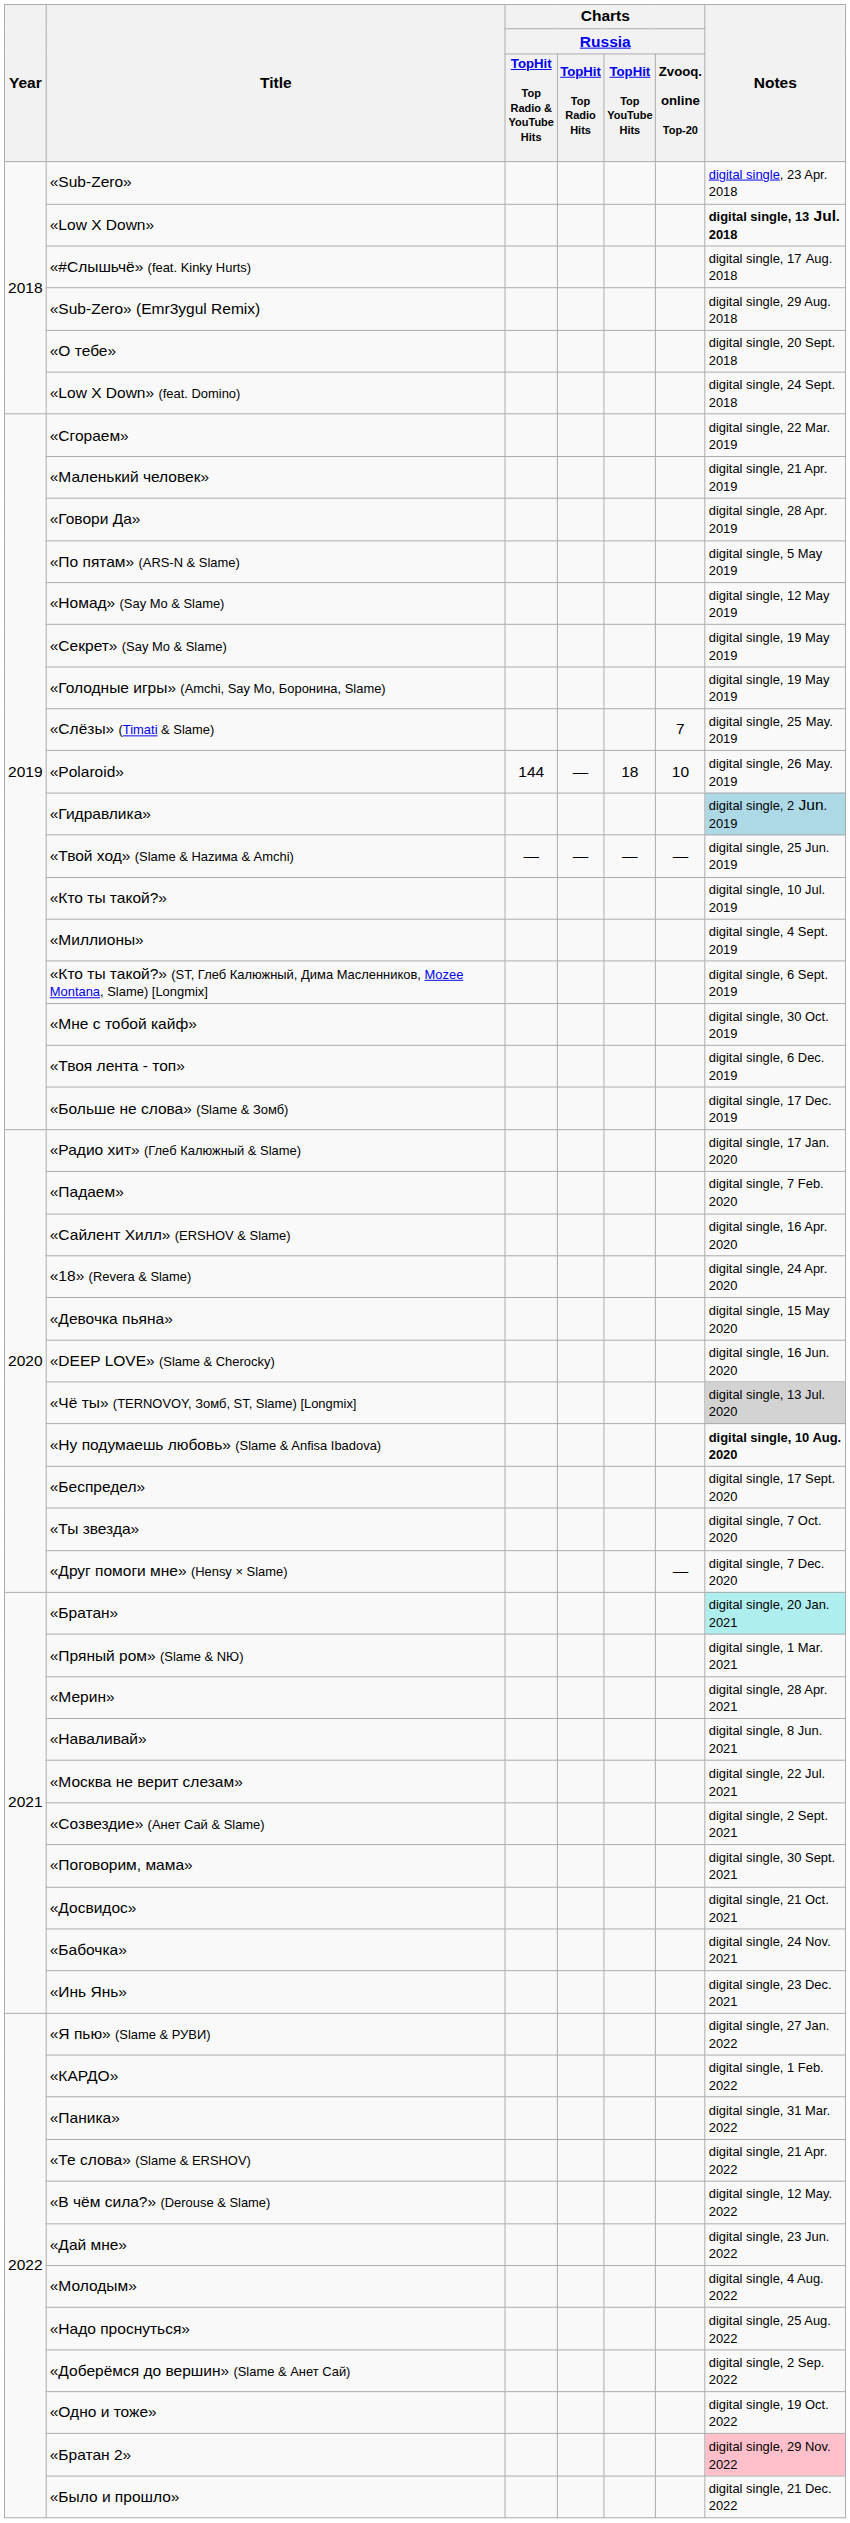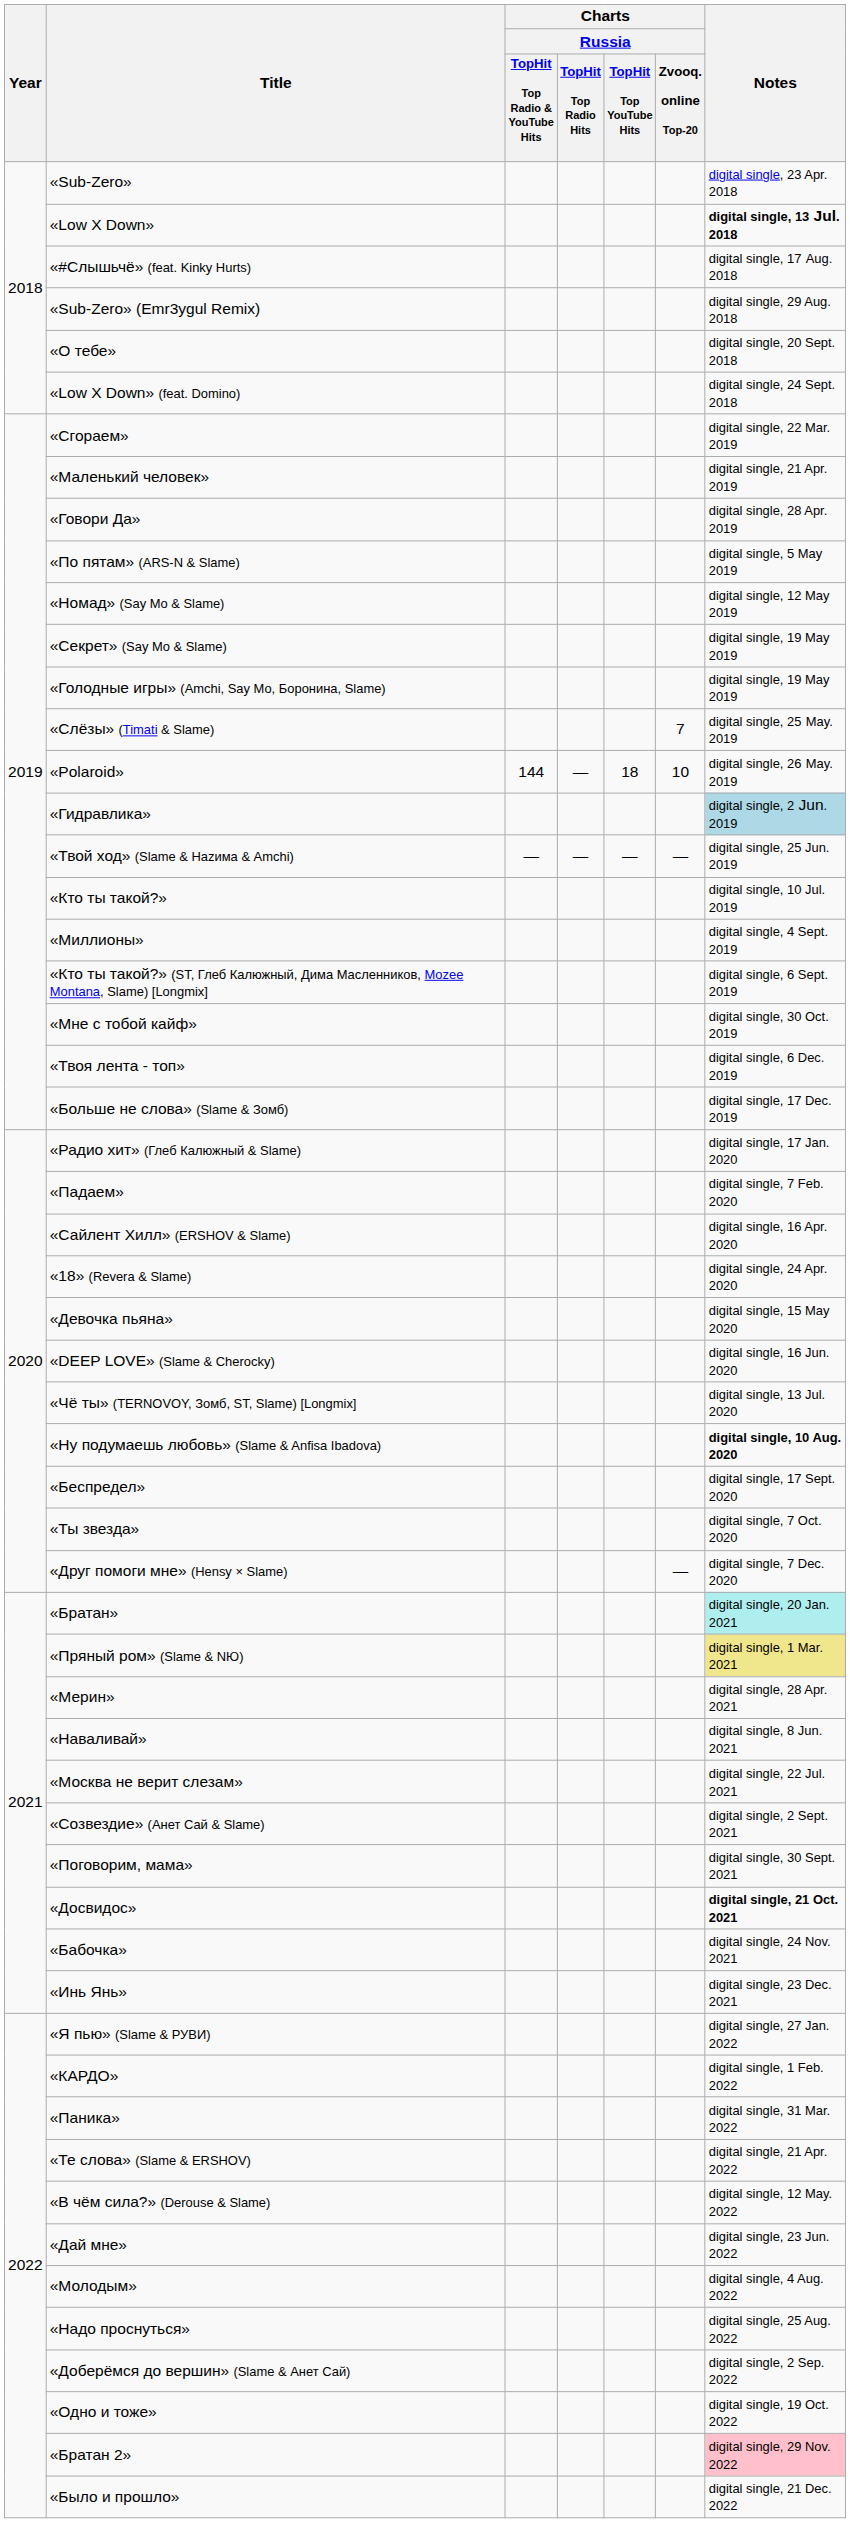 <table class="wikitable">
 <tr>
 <th rowspan="3">Year</th>
 <th rowspan="3">Title</th>
 <th colspan="4">Charts</th>
 <th rowspan="3">Notes</th>
 </tr>
 <tr>
 <th colspan="4"><a href='#'>Russia</a></th>
 </tr>
 <tr>
 <th style="width:3em;font-size:85%;"><a href='#'>TopHit</a><br><br><small>Top Radio & YouTube Hits</small><br><br></th>
 <th style="width:3em;font-size:85%;"><a href='#'>TopHit</a><br><br><small>Top Radio Hits</small><br><br></th>
 <th style="width:3em;font-size:85%;"><a href='#'>TopHit</a><br><br><small>Top YouTube Hits</small><br><br></th>
 <th style="width:3em;font-size:85%;">Zvooq.<br><br>online<br><br><small>Top-20</small><br><br></th>
 </tr>
 <tr>
 <td rowspan="6">2018</td>
 <td>«Sub-Zero»</td>
 <td></td>
 <td></td>
 <td></td>
 <td></td>
 <td><small><a href='#'>digital single</a>, 23 Apr. 2018</small></td>
 </tr>
 <tr>
 <td>«Low X Down»</td>
 <td></td>
 <td></td>
 <td></td>
 <td></td>
 <td><strong><small>digital single, 13</small> Jul<small>. </small><small>201</small><small>8</small></strong></td>
 </tr>
 <tr>
 <td>«#Слышьчё» <small>(feat. Kinky Hurts)</small></td>
 <td></td>
 <td></td>
 <td></td>
 <td></td>
 <td><small>digital single</small><small>, 17</small> <small>Aug</small><small>. </small><small>201</small><small>8</small></td>
 </tr>
 <tr>
 <td>«Sub-Zero» (Emr3ygul Remix)</td>
 <td></td>
 <td></td>
 <td></td>
 <td></td>
 <td><small>digital single</small><small>, 29 Aug</small><small>. </small><small>201</small><small>8</small></td>
 </tr>
 <tr>
 <td>«О тебе»</td>
 <td></td>
 <td></td>
 <td></td>
 <td></td>
 <td><small>digital single</small><small>, 20 Sept</small><small>. </small><small>201</small><small>8</small></td>
 </tr>
 <tr>
 <td>«Low X Down» <small>(feat. Domino)</small></td>
 <td></td>
 <td></td>
 <td></td>
 <td></td>
 <td><small>digital single</small><small>, 24 Sept</small><small>. </small><small>201</small><small>8</small></td>
 </tr>
 <tr>
 <td rowspan="17">2019</td>
 <td>«Сгораем»</td>
 <td></td>
 <td></td>
 <td></td>
 <td></td>
 <td><small>digital single</small><small>, 22 Mar</small><small>. </small><small>201</small><small>9</small></td>
 </tr>
 <tr>
 <td>«Маленький человек»</td>
 <td></td>
 <td></td>
 <td></td>
 <td></td>
 <td><small>digital single</small><small>, 21 Apr</small><small>. </small><small>201</small><small>9</small></td>
 </tr>
 <tr>
 <td>«Говори Да»</td>
 <td></td>
 <td></td>
 <td></td>
 <td></td>
 <td><small>digital single</small><small>, 28 Apr. 2019</small></td>
 </tr>
 <tr>
 <td>«По пятам» <small>(ARS-N & Slame)</small></td>
 <td></td>
 <td></td>
 <td></td>
 <td></td>
 <td><small>digital single</small><small>, 5 May 2019</small></td>
 </tr>
 <tr>
 <td>«Номад» <small>(Say Mo & Slame)</small></td>
 <td></td>
 <td></td>
 <td></td>
 <td></td>
 <td><small>digital single</small><small>, 12 May 2019</small></td>
 </tr>
 <tr>
 <td>«Секрет» <small>(Say Mo & Slame)</small></td>
 <td></td>
 <td></td>
 <td></td>
 <td></td>
 <td><small>digital single</small><small>, 19 May 2019</small></td>
 </tr>
 <tr>
 <td>«Голодные игры» <small>(Amchi, Say Mo, Боронина, Slame)</small></td>
 <td></td>
 <td></td>
 <td></td>
 <td></td>
 <td><small>digital single</small><small>, 19 May 2019</small></td>
 </tr>
 <tr>
 <td>«Слёзы» <small>(<a href='#'>Timati</a> & Slame)</small></td>
 <td align="center"></td>
 <td align="center"></td>
 <td align="center"></td>
 <td align="center">7</td>
 <td><small>digital single</small><small>, 25</small> <small>May</small><small>. </small><small>2019</small></td>
 </tr>
 <tr>
 <td>«Polaroid»</td>
 <td align="center">144</td>
 <td align="center">—</td>
 <td align="center">18</td>
 <td align="center">10</td>
 <td><small>digital single</small><small>, 26</small> <small>May</small><small>. </small><small>2019</small></td>
 </tr>
 <tr>
 <td>«Гидравлика»</td>
 <td></td>
 <td></td>
 <td></td>
 <td></td>
 <td style="background: lightblue;"><small>digital single</small><small>, 2</small> Jun<small>. </small><small>2019</small></td>
 </tr>
 <tr>
 <td>«Твой ход» <small>(Slame & Нazима & Amchi)</small></td>
 <td align="center">—</td>
 <td align="center">—</td>
 <td align="center">—</td>
 <td align="center">—</td>
 <td><small>digital single</small><small>, 25 Jun. 2019</small></td>
 </tr>
 <tr>
 <td>«Кто ты  такой?»</td>
 <td></td>
 <td></td>
 <td></td>
 <td></td>
 <td><small>digital single</small><small>, 10 Jul. 2019</small></td>
 </tr>
 <tr>
 <td>«Миллионы»</td>
 <td></td>
 <td></td>
 <td></td>
 <td></td>
 <td><small>digital single</small><small>, 4 Sept. 2019</small></td>
 </tr>
 <tr>
 <td>«Кто ты  такой?» <small>(ST, Глеб Калюжный, Дима Масленников, <a href='#'>Mozee Montana</a>, Slame) [Longmix]</small></td>
 <td></td>
 <td></td>
 <td></td>
 <td></td>
 <td><small>digital single</small><small>, 6 Sept. 2019</small></td>
 </tr>
 <tr>
 <td>«Мне с тобой кайф»</td>
 <td></td>
 <td></td>
 <td></td>
 <td></td>
 <td><small>digital single</small><small>, 30 Oct. 2019</small></td>
 </tr>
 <tr>
 <td>«Твоя лента - топ»</td>
 <td></td>
 <td></td>
 <td></td>
 <td></td>
 <td><small>digital single</small><small>, 6 Dec. 2019</small></td>
 </tr>
 <tr>
 <td>«Больше не слова» <small>(Slame & Зомб)</small></td>
 <td></td>
 <td></td>
 <td></td>
 <td></td>
 <td><small>digital single</small><small>, 17 Dec. 2019</small></td>
 </tr>
 <tr>
 <td rowspan="11">2020</td>
 <td>«Радио хит» <small>(Глеб Калюжный & Slame)</small></td>
 <td></td>
 <td></td>
 <td></td>
 <td></td>
 <td><small>digital single</small><small>, 17 Jan. 2020</small></td>
 </tr>
 <tr>
 <td>«Падаем»</td>
 <td></td>
 <td></td>
 <td></td>
 <td></td>
 <td><small>digital single</small><small>, 7 Feb. 2020</small></td>
 </tr>
 <tr>
 <td>«Сайлент Хилл» <small>(ERSHOV & Slame)</small></td>
 <td></td>
 <td></td>
 <td></td>
 <td></td>
 <td><small>digital single</small><small>, 16 Apr. 2020</small></td>
 </tr>
 <tr>
 <td>«18» <small>(Revera & Slame)</small></td>
 <td></td>
 <td></td>
 <td></td>
 <td></td>
 <td><small>digital single</small><small>, 24 Apr. 2020</small></td>
 </tr>
 <tr>
 <td>«Девочка пьяна»</td>
 <td></td>
 <td></td>
 <td></td>
 <td></td>
 <td><small>digital single</small><small>, 15 May 2020</small></td>
 </tr>
 <tr>
 <td>«DEEP LOVE» <small>(Slame & Cherocky)</small></td>
 <td></td>
 <td></td>
 <td></td>
 <td></td>
 <td><small>digital single</small><small>, 16 Jun. 2020</small></td>
 </tr>
 <tr>
 <td>«Чё ты» <small>(TERNOVOY, Зомб, ST, Slame) [Longmix]</small></td>
 <td></td>
 <td></td>
 <td></td>
 <td></td>
-<td style="background: lightgrey;"><small>digital single</small><small>, 13 Jul. 2020</small></td>
+<td><small>digital single</small><small>, 13 Jul. 2020</small></td>
 </tr>
 <tr>
 <td>«Ну подумаешь любовь» <small>(Slame & Anfisa Ibadova)</small></td>
 <td></td>
 <td></td>
 <td></td>
 <td></td>
 <td><strong><small>digital single</small><small>, 10 Aug. 2020</small></strong></td>
 </tr>
 <tr>
 <td>«Беспредел»</td>
 <td></td>
 <td></td>
 <td></td>
 <td></td>
 <td><small>digital single</small><small>, 17 Sept. 2020</small></td>
 </tr>
 <tr>
 <td>«Ты звезда»</td>
 <td></td>
 <td></td>
 <td></td>
 <td></td>
 <td><small>digital single</small><small>, 7 Oct. 2020</small></td>
 </tr>
 <tr>
 <td>«‎Друг помоги мне» <small>(Hensy × Slame)</small></td>
 <td align="center"></td>
 <td align="center"></td>
 <td align="center"></td>
 <td align="center">—</td>
 <td><small>digital single</small><small>, 7 Dec. 2020</small></td>
 </tr>
 <tr>
 <td rowspan="10">2021</td>
 <td>«Братан»</td>
 <td></td>
 <td></td>
 <td></td>
 <td></td>
 <td style="background: paleturquoise;"><small>digital single</small><small>, 20 Jan. 2021</small></td>
 </tr>
 <tr>
 <td>«Пряный ром» <small>(Slame & NЮ)</small></td>
 <td></td>
 <td></td>
 <td></td>
 <td></td>
-<td><small>digital single</small><small>, 1 Mar. 2021</small></td>
+<td style="background: khaki;"><small>digital single</small><small>, 1 Mar. 2021</small></td>
 </tr>
 <tr>
 <td>«Мерин»</td>
 <td></td>
 <td></td>
 <td></td>
 <td></td>
 <td><small>digital single</small><small>, 28 Apr. 2021</small></td>
 </tr>
 <tr>
 <td>«Наваливай»</td>
 <td></td>
 <td></td>
 <td></td>
 <td></td>
 <td><small>digital single</small><small>, 8 Jun. 2021</small></td>
 </tr>
 <tr>
 <td>«Москва не верит слезам»</td>
 <td></td>
 <td></td>
 <td></td>
 <td></td>
 <td><small>digital single</small><small>, 22 Jul. 2021</small></td>
 </tr>
 <tr>
 <td>«Созвездие» <small>(Анет Сай & Slame)</small></td>
 <td></td>
 <td></td>
 <td></td>
 <td></td>
 <td><small>digital single</small><small>, 2 Sept. 2021</small></td>
 </tr>
 <tr>
 <td>«Поговорим, мама»</td>
 <td></td>
 <td></td>
 <td></td>
 <td></td>
 <td><small>digital single</small><small>, 30 Sept. 2021</small></td>
 </tr>
 <tr>
 <td>«Досвидос»</td>
 <td></td>
 <td></td>
 <td></td>
 <td></td>
-<td><small>digital single</small><small>, 21 Oct. 2021</small></td>
+<td><strong><small>digital single</small><small>, 21 Oct. 2021</small></strong></td>
 </tr>
 <tr>
 <td>«Бабочка»</td>
 <td></td>
 <td></td>
 <td></td>
 <td></td>
 <td><small>digital single</small><small>, 24 Nov. 2021</small></td>
 </tr>
 <tr>
 <td>«Инь Янь»</td>
 <td></td>
 <td></td>
 <td></td>
 <td></td>
 <td><small>digital single</small><small>, 23 Dec. 2021</small></td>
 </tr>
 <tr>
 <td rowspan="12">2022</td>
 <td>«Я пью» <small>(Slame & РУВИ)</small></td>
 <td></td>
 <td></td>
 <td></td>
 <td></td>
 <td><small>digital single</small><small>, 27 Jan. 2022</small></td>
 </tr>
 <tr>
 <td>«КАРДО»</td>
 <td></td>
 <td></td>
 <td></td>
 <td></td>
 <td><small>digital single</small><small>, 1 Feb. 2022</small></td>
 </tr>
 <tr>
 <td>«Паника»</td>
 <td></td>
 <td></td>
 <td></td>
 <td></td>
 <td><small>digital single</small><small>, 31 Mar. 2022</small></td>
 </tr>
 <tr>
 <td>«Те слова» <small>(Slame & ERSHOV)</small></td>
 <td></td>
 <td></td>
 <td></td>
 <td></td>
 <td><small>digital single</small><small>, 21 Apr. 2022</small></td>
 </tr>
 <tr>
 <td>«В чём сила?» <small>(Derouse & Slame)</small></td>
 <td></td>
 <td></td>
 <td></td>
 <td></td>
 <td><small>digital single</small><small>, 12 May. 2022</small></td>
 </tr>
 <tr>
 <td>«Дай мне»</td>
 <td></td>
 <td></td>
 <td></td>
 <td></td>
 <td><small>digital single</small><small>, 23 Jun. 2022</small></td>
 </tr>
 <tr>
 <td>«Молодым»</td>
 <td></td>
 <td></td>
 <td></td>
 <td></td>
 <td><small>digital single</small><small>, 4 Aug. 2022</small></td>
 </tr>
 <tr>
 <td>«Надо проснуться»</td>
 <td></td>
 <td></td>
 <td></td>
 <td></td>
 <td><small>digital single</small><small>, 25 Aug. 2022</small></td>
 </tr>
 <tr>
 <td>«Доберёмся до вершин» <small>(Slame & Анет Сай)</small></td>
 <td></td>
 <td></td>
 <td></td>
 <td></td>
 <td><small>digital single</small><small>, 2 Sep. 2022</small></td>
 </tr>
 <tr>
 <td>«Одно и тоже»</td>
 <td></td>
 <td></td>
 <td></td>
 <td></td>
 <td><small>digital single</small><small>, 19 Oct. 2022</small></td>
 </tr>
 <tr>
 <td>«Братан 2»</td>
 <td></td>
 <td></td>
 <td></td>
 <td></td>
 <td style="background: pink;"><small>digital single</small><small>, 29 Nov. 2022</small></td>
 </tr>
 <tr>
 <td>«Было и прошло»</td>
 <td></td>
 <td></td>
 <td></td>
 <td></td>
 <td><small>digital single</small><small>, 21 Dec. 2022</small></td>
 </tr>
 </table>
